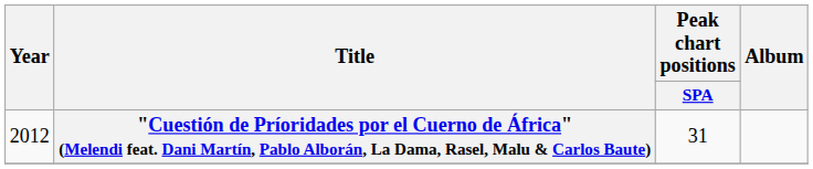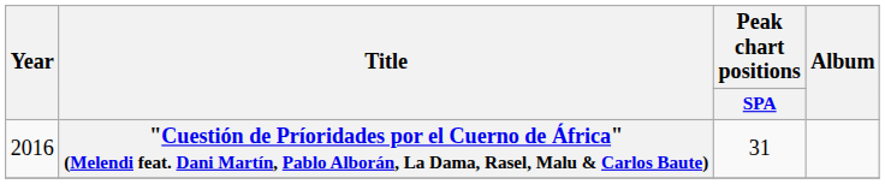 <table class="wikitable plainrowheaders" style="text-align:center;" border="1">
 <tr>
 <th scope="col" rowspan="2">Year</th>
 <th scope="col" rowspan="2">Title</th>
 <th scope="col" colspan="1">Peak chart positions</th>
 <th scope="col" rowspan="2">Album</th>
 </tr>
 <tr>
 <th scope="col" style="width:4em;font-size:85%;"><a href='#'>SPA</a><br></th>
 </tr>
 <tr>
-<td>2012</td>
+<td>2016</td>
 <th scope="row">"<a href='#'>Cuestión de Príoridades por el Cuerno de África</a>"<br><small>(<a href='#'>Melendi</a> feat. <a href='#'>Dani Martín</a>, <a href='#'>Pablo Alborán</a>, La Dama, Rasel, Malu & <a href='#'>Carlos Baute</a>)</small></th>
 <td>31</td>
 <td></td>
 </tr>
 <tr>
 </tr>
 </table>
